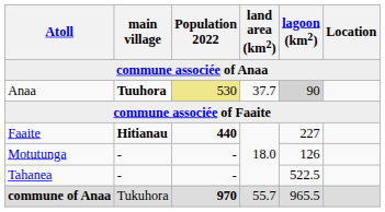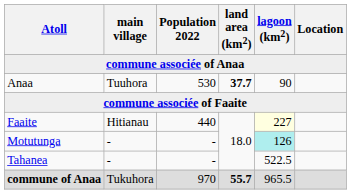 <table class="wikitable">
 <tr>
 <th><a href='#'>Atoll</a></th>
 <th>main<br>village</th>
 <th>Population<br>2022</th>
 <th>land<br>area<br>(km<sup>2</sup>)</th>
 <th><a href='#'>lagoon</a><br>(km<sup>2</sup>)</th>
 <th>Location</th>
 </tr>
 <tr>
 <td style="background: #EEE;" colspan="6" align="center"><strong><a href='#'>commune associée</a> of Anaa</strong></td>
 </tr>
 <tr>
 <td>Anaa</td>
-<td><strong>Tuuhora</strong></td>
-<td align="right" style="background: khaki;">530</td>
-<td align="right">37.7</td>
-<td align="right" style="background: lightgrey;">90</td>
+<td>Tuuhora</td>
+<td align="right">530</td>
+<td align="right"><strong>37.7</strong></td>
+<td align="right">90</td>
 <td></td>
 </tr>
 <tr>
 <td style="background: #EEE;" colspan="6" align="center"><strong><a href='#'>commune associée</a> of Faaite</strong></td>
 </tr>
 <tr>
 <td><a href='#'>Faaite</a></td>
-<td><strong>Hitianau</strong></td>
-<td align="right"><strong>440</strong></td>
+<td>Hitianau</td>
+<td align="right">440</td>
 <td rowspan=3 align="right">18.0</td>
-<td align="right">227</td>
+<td align="right" style="background: lightyellow;">227</td>
 <td></td>
 </tr>
 <tr>
 <td><a href='#'>Motutunga</a></td>
 <td>-</td>
 <td align="right">-</td>
-<td align="right">126</td>
+<td align="right" style="background: paleturquoise;">126</td>
 <td></td>
 </tr>
 <tr>
 <td><a href='#'>Tahanea</a></td>
 <td>-</td>
 <td align="right">-</td>
 <td align="right">522.5</td>
 <td></td>
 </tr>
 <tr style="background: #DDD;">
 <td><strong>commune of Anaa</strong></td>
 <td>Tukuhora</td>
-<td align="right"><strong>970</strong></td>
-<td align="right">55.7</td>
+<td align="right">970</td>
+<td align="right"><strong>55.7</strong></td>
 <td align="right">965.5</td>
 <td></td>
 </tr>
 </table>
